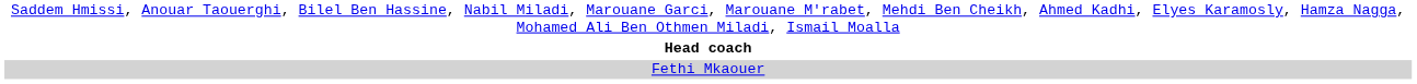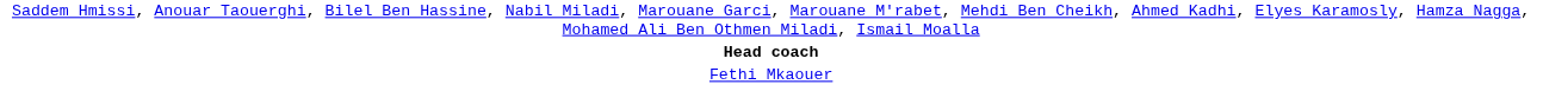 <table style="text-align: center; margin-top: 2em; margin-left: auto; margin-right: auto">
 <tr>
 <td><a href='#'>Saddem Hmissi</a>, <a href='#'>Anouar Taouerghi</a>, <a href='#'>Bilel Ben Hassine</a>, <a href='#'>Nabil Miladi</a>, <a href='#'>Marouane Garci</a>, <a href='#'>Marouane M'rabet</a>, <a href='#'>Mehdi Ben Cheikh</a>, <a href='#'>Ahmed Kadhi</a>, <a href='#'>Elyes Karamosly</a>, <a href='#'>Hamza Nagga</a>, <a href='#'>Mohamed Ali Ben Othmen Miladi</a>, <a href='#'>Ismail Moalla</a></td>
 </tr>
 <tr>
 <td><strong>Head coach</strong></td>
 </tr>
 <tr>
-<td style="background: lightgrey;"><a href='#'>Fethi Mkaouer</a></td>
+<td><a href='#'>Fethi Mkaouer</a></td>
 </tr>
 </table>
